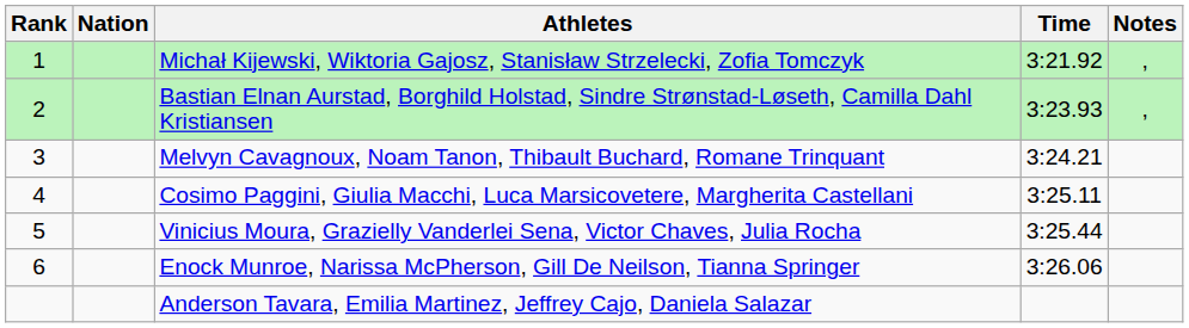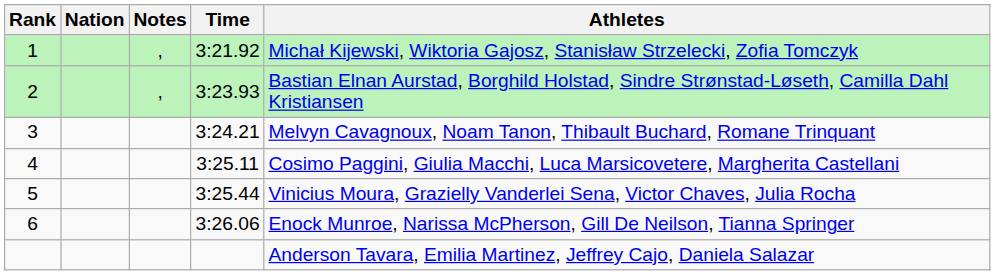 <table class="wikitable sortable" style="text-align:center;width: 65%;">
 <tr>
 <th scope="col">Rank</th>
 <th scope="col">Nation</th>
+<th scope="col">Notes</th>
+<th scope="col">Time</th>
 <th scope="col">Athletes</th>
-<th scope="col">Time</th>
-<th scope="col">Notes</th>
 </tr>
 <tr bgcolor=bbf3bb>
 <td>1</td>
 <td align=left></td>
+<td>, </td>
+<td>3:21.92</td>
 <td align=left><a href='#'>Michał Kijewski</a>, <a href='#'>Wiktoria Gajosz</a>, <a href='#'>Stanisław Strzelecki</a>, <a href='#'>Zofia Tomczyk</a></td>
-<td>3:21.92</td>
-<td>, </td>
 </tr>
 <tr bgcolor=bbf3bb>
 <td>2</td>
 <td align=left></td>
+<td>, </td>
+<td>3:23.93</td>
 <td align=left><a href='#'>Bastian Elnan Aurstad</a>, <a href='#'>Borghild Holstad</a>, <a href='#'>Sindre Strønstad-Løseth</a>, <a href='#'>Camilla Dahl Kristiansen</a></td>
-<td>3:23.93</td>
-<td>, </td>
 </tr>
 <tr>
 <td>3</td>
 <td align=left></td>
+<td></td>
+<td>3:24.21</td>
 <td align=left><a href='#'>Melvyn Cavagnoux</a>, <a href='#'>Noam Tanon</a>, <a href='#'>Thibault Buchard</a>, <a href='#'>Romane Trinquant</a></td>
-<td>3:24.21</td>
-<td></td>
 </tr>
 <tr>
 <td>4</td>
 <td align=left></td>
+<td></td>
+<td>3:25.11</td>
 <td align=left><a href='#'>Cosimo Paggini</a>, <a href='#'>Giulia Macchi</a>, <a href='#'>Luca Marsicovetere</a>, <a href='#'>Margherita Castellani</a></td>
-<td>3:25.11</td>
-<td></td>
 </tr>
 <tr>
 <td>5</td>
 <td align=left></td>
+<td></td>
+<td>3:25.44</td>
 <td align=left><a href='#'>Vinicius Moura</a>, <a href='#'>Grazielly Vanderlei Sena</a>, <a href='#'>Victor Chaves</a>, <a href='#'>Julia Rocha</a></td>
-<td>3:25.44</td>
-<td></td>
 </tr>
 <tr>
 <td>6</td>
 <td align=left></td>
+<td></td>
+<td>3:26.06</td>
 <td align=left><a href='#'>Enock Munroe</a>, <a href='#'>Narissa McPherson</a>, <a href='#'>Gill De Neilson</a>, <a href='#'>Tianna Springer</a></td>
-<td>3:26.06</td>
-<td></td>
 </tr>
 <tr>
 <td></td>
 <td align=left></td>
-<td align=left><a href='#'>Anderson Tavara</a>, <a href='#'>Emilia Martinez</a>, <a href='#'>Jeffrey Cajo</a>, <a href='#'>Daniela Salazar</a></td>
 <td></td>
 <td></td>
+<td align=left><a href='#'>Anderson Tavara</a>, <a href='#'>Emilia Martinez</a>, <a href='#'>Jeffrey Cajo</a>, <a href='#'>Daniela Salazar</a></td>
 </tr>
 </table>
